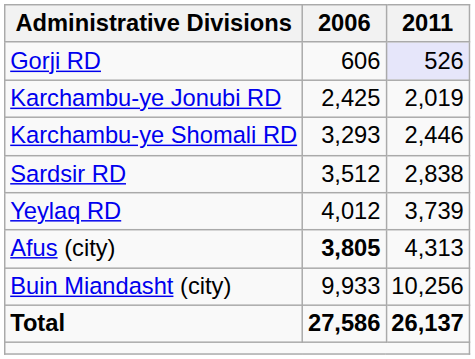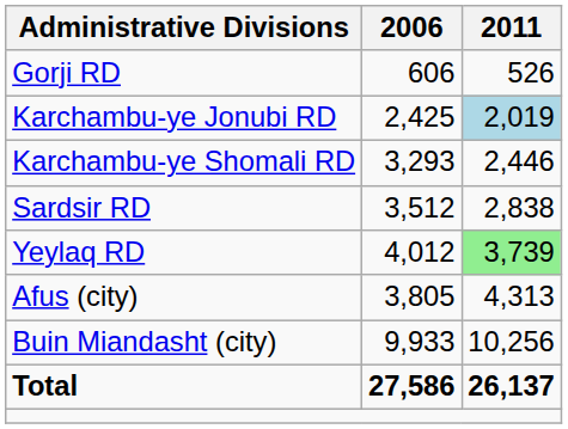 <table class="wikitable">
 <tr>
 <th>Administrative Divisions</th>
 <th>2006</th>
 <th>2011</th>
 </tr>
 <tr>
 <td><a href='#'>Gorji RD</a></td>
 <td style="text-align: right;">606</td>
-<td style="background: lavender; text-align: right;">526</td>
+<td style="text-align: right;">526</td>
 </tr>
 <tr>
 <td><a href='#'>Karchambu-ye Jonubi RD</a></td>
 <td style="text-align: right;">2,425</td>
-<td style="text-align: right;">2,019</td>
+<td style="background: lightblue; text-align: right;">2,019</td>
 </tr>
 <tr>
 <td><a href='#'>Karchambu-ye Shomali RD</a></td>
 <td style="text-align: right;">3,293</td>
 <td style="text-align: right;">2,446</td>
 </tr>
 <tr>
 <td><a href='#'>Sardsir RD</a></td>
 <td style="text-align: right;">3,512</td>
 <td style="text-align: right;">2,838</td>
 </tr>
 <tr>
 <td><a href='#'>Yeylaq RD</a></td>
 <td style="text-align: right;">4,012</td>
-<td style="text-align: right;">3,739</td>
+<td style="background: lightgreen; text-align: right;">3,739</td>
 </tr>
 <tr>
 <td><a href='#'>Afus</a> (city)</td>
-<td style="text-align: right;"><strong>3,805</strong></td>
+<td style="text-align: right;">3,805</td>
 <td style="text-align: right;">4,313</td>
 </tr>
 <tr>
 <td><a href='#'>Buin Miandasht</a> (city)</td>
 <td style="text-align: right;">9,933</td>
 <td style="text-align: right;">10,256</td>
 </tr>
 <tr>
 <td><strong>Total</strong></td>
 <td style="text-align: right;"><strong>27,586</strong></td>
 <td style="text-align: right;"><strong>26,137</strong></td>
 </tr>
 <tr>
 <td colspan=3></td>
 </tr>
 </table>
